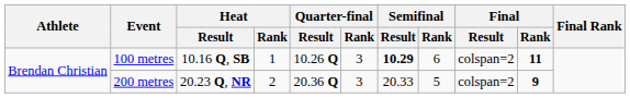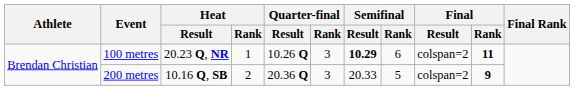 <table class="wikitable" style="font-size:90%">
 <tr>
 <th rowspan="2">Athlete</th>
 <th rowspan="2">Event</th>
 <th colspan="2">Heat</th>
 <th colspan="2">Quarter-final</th>
 <th colspan="2">Semifinal</th>
 <th colspan="2">Final</th>
 <th colspan="2" rowspan="2">Final Rank</th>
 </tr>
 <tr style="font-size:95%">
 <th>Result</th>
 <th>Rank</th>
 <th>Result</th>
 <th>Rank</th>
 <th>Result</th>
 <th>Rank</th>
 <th>Result</th>
 <th>Rank</th>
 </tr>
 <tr align=center>
 <td rowspan="2" align=left><a href='#'>Brendan Christian</a></td>
 <td align=left><a href='#'>100 metres</a></td>
-<td>10.16 <strong>Q</strong>, <strong>SB</strong></td>
+<td>20.23 <strong>Q</strong>, <strong><a href='#'>NR</a></strong></td>
 <td>1</td>
 <td>10.26 <strong>Q</strong></td>
 <td>3</td>
 <td><strong>10.29</strong></td>
 <td>6</td>
 <td>colspan=2 </td>
 <td><strong>11</strong></td>
 </tr>
 <tr align=center>
 <td align=left><a href='#'>200 metres</a></td>
-<td>20.23 <strong>Q</strong>, <strong><a href='#'>NR</a></strong></td>
+<td>10.16 <strong>Q</strong>, <strong>SB</strong></td>
 <td>2</td>
 <td>20.36 <strong>Q</strong></td>
 <td>3</td>
 <td>20.33</td>
 <td>5</td>
 <td>colspan=2 </td>
 <td><strong>9</strong></td>
 </tr>
 </table>
